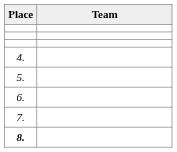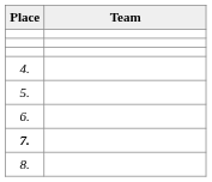 <table style=border-collapse:collapse border=1 cellspacing=0 cellpadding=5>
 <tr align=center bgcolor=#efefef>
 <th width=35>Place</th>
 <th width=185>Team</th>
 </tr>
 <tr align=center>
 <td></td>
 <td style="text-align:left;"></td>
 </tr>
 <tr align=center>
 <td></td>
 <td style="text-align:left;"></td>
 </tr>
 <tr align=center>
 <td></td>
 <td style="text-align:left;"></td>
 </tr>
 <tr align=center>
 <td><em>4.</em></td>
 <td style="text-align:left;"></td>
 </tr>
 <tr align=center>
 <td><em>5.</em></td>
 <td style="text-align:left;"></td>
 </tr>
 <tr align=center>
 <td><em>6.</em></td>
 <td style="text-align:left;"></td>
 </tr>
 <tr align=center>
-<td><em>7.</em></td>
+<td><strong><em>7.</em></strong></td>
 <td style="text-align:left;"></td>
 </tr>
 <tr align=center>
-<td><strong><em>8.</em></strong></td>
+<td><em>8.</em></td>
 <td style="text-align:left;"></td>
 </tr>
 </table>
